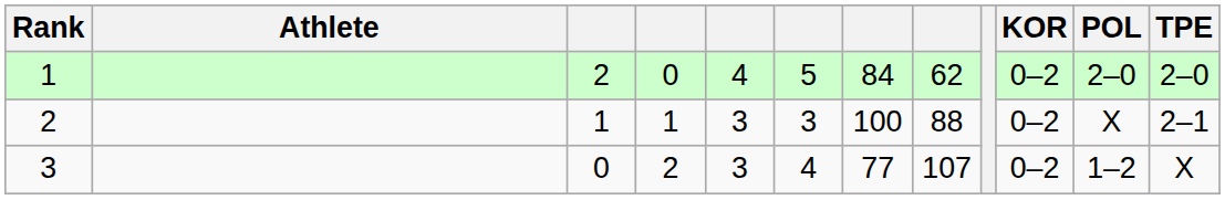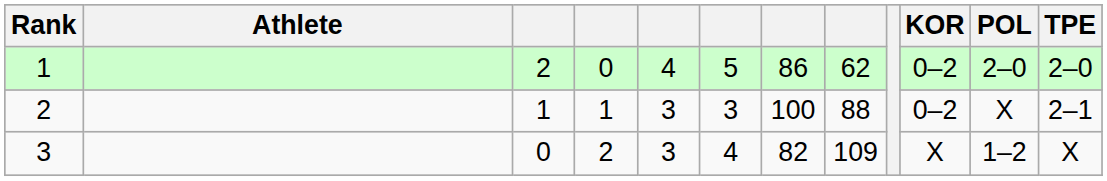 <table class="wikitable" style="text-align:center">
 <tr>
 <th>Rank</th>
 <th width=250>Athlete</th>
 <th width=30></th>
 <th width=30></th>
 <th width=30></th>
 <th width=30></th>
 <th width=30></th>
 <th width=30></th>
 <th rowspan=4></th>
 <th width=30>KOR</th>
 <th width=30>POL</th>
 <th width=30>TPE</th>
 </tr>
 <tr style="background-color:#ccffcc;">
 <td>1</td>
 <td align=left></td>
 <td>2</td>
 <td>0</td>
 <td>4</td>
 <td>5</td>
-<td>84</td>
+<td>86</td>
 <td>62</td>
 <td>0–2</td>
 <td>2–0</td>
 <td>2–0</td>
 </tr>
 <tr>
 <td>2</td>
 <td align=left></td>
 <td>1</td>
 <td>1</td>
 <td>3</td>
 <td>3</td>
 <td>100</td>
 <td>88</td>
 <td>0–2</td>
 <td>X</td>
 <td>2–1</td>
 </tr>
 <tr>
 <td>3</td>
 <td align=left></td>
 <td>0</td>
 <td>2</td>
 <td>3</td>
 <td>4</td>
-<td>77</td>
-<td>107</td>
-<td>0–2</td>
+<td>82</td>
+<td>109</td>
+<td>X</td>
 <td>1–2</td>
 <td>X</td>
 </tr>
 </table>
